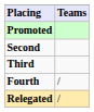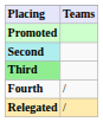 <table class=wikitable>
 <tr>
 </tr>
 <tr style="background: #E6E6FA;">
 <td><strong>Placing</strong></td>
 <td colspan="2" style="text-align:center"><strong>Teams</strong></td>
 </tr>
 <tr style="background: #ccffcc;">
 <td><strong>Promoted</strong></td>
 <td></td>
 </tr>
 <tr>
-<td><strong>Second</strong></td>
+<td style="background: paleturquoise;"><strong>Second</strong></td>
 <td></td>
 </tr>
 <tr>
-<td><strong>Third</strong></td>
+<td style="background: lightgreen;"><strong>Third</strong></td>
 <td></td>
 </tr>
 <tr>
 <td><strong>Fourth</strong></td>
 <td> / </td>
 </tr>
 <tr style="background: #ffebad;">
 <td><strong>Relegated</strong></td>
 <td> / </td>
 </tr>
 </table>
